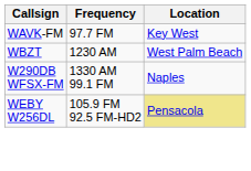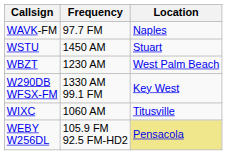 <table class="wikitable">
 <tr>
 <th>Callsign</th>
 <th>Frequency</th>
 <th>Location</th>
 </tr>
 <tr>
 <td><a href='#'>WAVK</a>-FM</td>
 <td>97.7 FM</td>
-<td><a href='#'>Key West</a></td>
+<td><a href='#'>Naples</a></td>
+</tr>
+<tr>
+<td><a href='#'>WSTU</a></td>
+<td>1450 AM</td>
+<td><a href='#'>Stuart</a></td>
 </tr>
 <tr>
 <td><a href='#'>WBZT</a></td>
 <td>1230 AM</td>
 <td><a href='#'>West Palm Beach</a></td>
 </tr>
 <tr>
 <td><a href='#'>W290DB</a><br><a href='#'>WFSX-FM</a></td>
 <td>1330 AM<br>99.1 FM</td>
-<td><a href='#'>Naples</a></td>
+<td><a href='#'>Key West</a></td>
+</tr>
+<tr>
+<td><a href='#'>WIXC</a></td>
+<td>1060 AM</td>
+<td><a href='#'>Titusville</a></td>
 </tr>
 <tr>
 <td><a href='#'>WEBY</a><br><a href='#'>W256DL</a></td>
 <td>105.9 FM<br>92.5 FM-HD2</td>
 <td style="background: khaki;"><a href='#'>Pensacola</a></td>
 </tr>
 </table>
